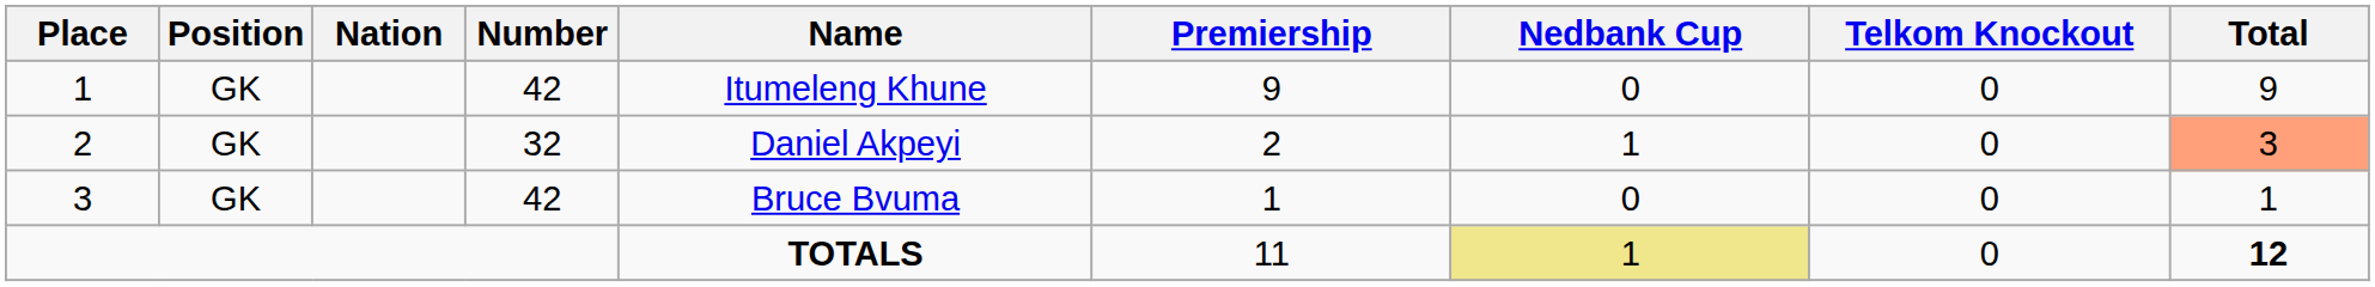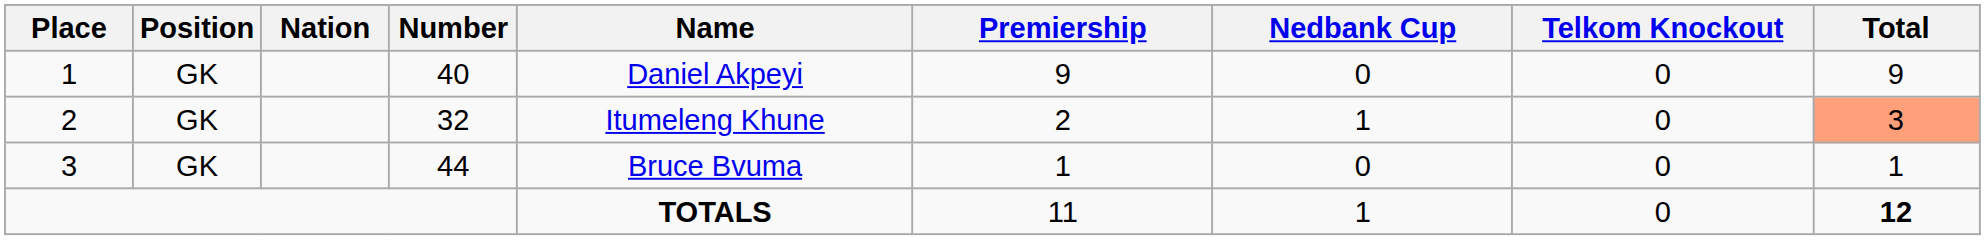 <table class="wikitable" style="font-size: 95%; text-align: center;">
 <tr>
 <th width=60>Place</th>
 <th width=60>Position</th>
 <th width=60>Nation</th>
 <th width=60>Number</th>
 <th width=200>Name</th>
 <th width=150><a href='#'>Premiership</a></th>
 <th width=150><a href='#'>Nedbank Cup</a></th>
 <th width=150><a href='#'>Telkom Knockout</a></th>
 <th width=80>Total</th>
 </tr>
 <tr>
 <td>1</td>
 <td>GK</td>
 <td></td>
-<td>42</td>
-<td><a href='#'>Itumeleng Khune</a></td>
+<td>40</td>
+<td><a href='#'>Daniel Akpeyi</a></td>
 <td>9</td>
 <td>0</td>
 <td>0</td>
 <td>9</td>
 </tr>
 <tr>
 <td>2</td>
 <td>GK</td>
 <td></td>
 <td>32</td>
-<td><a href='#'>Daniel Akpeyi</a></td>
+<td><a href='#'>Itumeleng Khune</a></td>
 <td>2</td>
 <td>1</td>
 <td>0</td>
 <td style="background: lightsalmon;">3</td>
 </tr>
 <tr>
 <td>3</td>
 <td>GK</td>
 <td></td>
-<td>42</td>
+<td>44</td>
 <td><a href='#'>Bruce Bvuma</a></td>
 <td>1</td>
 <td>0</td>
 <td>0</td>
 <td>1</td>
 </tr>
 <tr>
 <td colspan="4"></td>
 <td><strong>TOTALS</strong></td>
 <td>11</td>
-<td style="background: khaki;">1</td>
+<td>1</td>
 <td>0</td>
 <td><strong>12</strong></td>
 </tr>
 </table>
